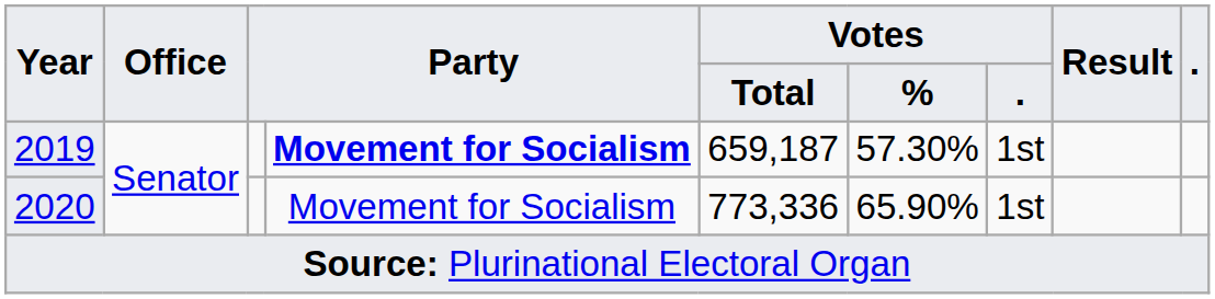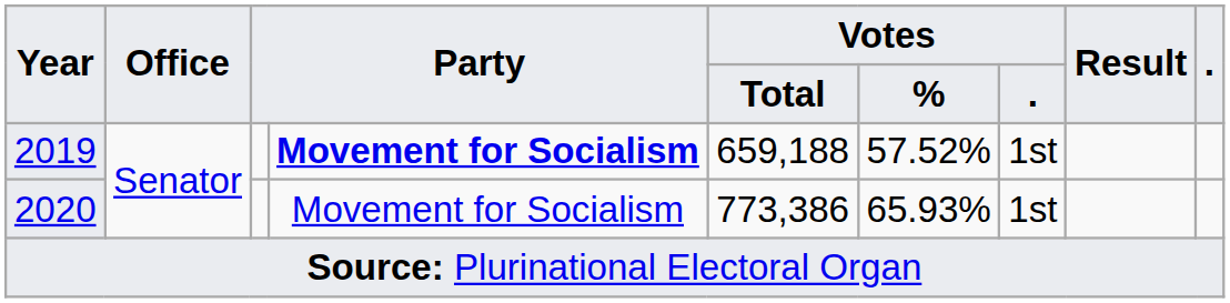 <table class="wikitable" style="font-size:90%; text-align:center;">
 <tr>
 <th style="background-color:#EAECF0;" rowspan=2>Year</th>
 <th style="background-color:#EAECF0;" rowspan=2>Office</th>
 <th style="background-color:#EAECF0;" colspan=2 rowspan=2>Party</th>
 <th style="background-color:#EAECF0;" colspan=3>Votes</th>
 <th style="background-color:#EAECF0;" rowspan=2>Result</th>
 <th style="background-color:#EAECF0;" rowspan=2>.</th>
 </tr>
 <tr>
 <th style="background-color:#EAECF0;">Total</th>
 <th style="background-color:#EAECF0;">%</th>
 <th style="background-color:#EAECF0;">.</th>
 </tr>
 <tr>
 <td style="background-color:#EAECF0;"><a href='#'>2019</a></td>
 <td rowspan=2><a href='#'>Senator</a></td>
 <td style="background-color:"></td>
 <td><strong><a href='#'>Movement for Socialism</a></strong></td>
-<td>659,187</td>
-<td>57.30%</td>
+<td>659,188</td>
+<td>57.52%</td>
 <td>1st</td>
 <td></td>
 <td></td>
 </tr>
 <tr>
 <td style="background-color:#EAECF0;"><a href='#'>2020</a></td>
 <td style="background-color:"></td>
 <td><a href='#'>Movement for Socialism</a></td>
-<td>773,336</td>
-<td>65.90%</td>
+<td>773,386</td>
+<td>65.93%</td>
 <td>1st</td>
 <td></td>
 <td></td>
 </tr>
 <tr>
 <td style="background-color:#EAECF0;" colspan=9><strong>Source:</strong> <a href='#'>Plurinational Electoral Organ</a>  </td>
 </tr>
 </table>
